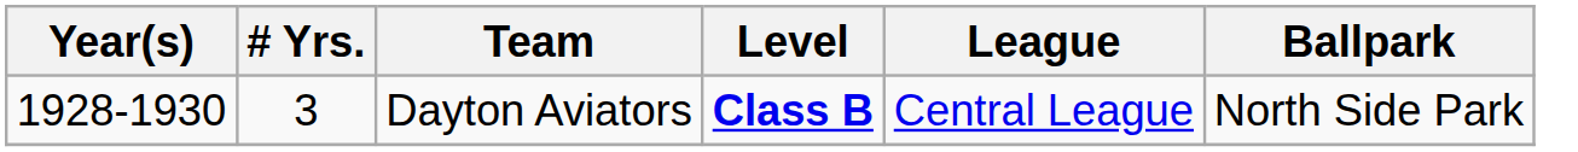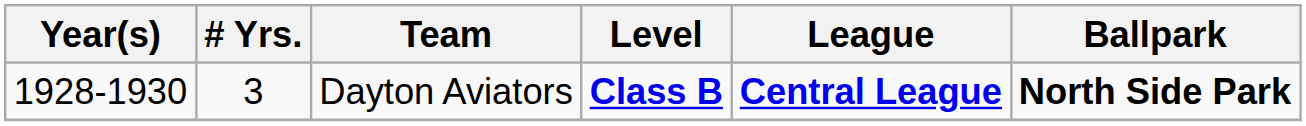 <table class="wikitable" style="text-align:center; font-size: 95%;">
 <tr>
 <th>Year(s)</th>
 <th># Yrs.</th>
 <th>Team</th>
 <th>Level</th>
 <th>League</th>
 <th>Ballpark</th>
 </tr>
 <tr>
 <td>1928-1930</td>
 <td>3</td>
 <td>Dayton Aviators</td>
 <td><strong><a href='#'>Class B</a></strong></td>
-<td><a href='#'>Central League</a></td>
-<td>North Side Park</td>
+<td><strong><a href='#'>Central League</a></strong></td>
+<td><strong>North Side Park</strong></td>
 </tr>
 <tr>
 </tr>
 </table>
